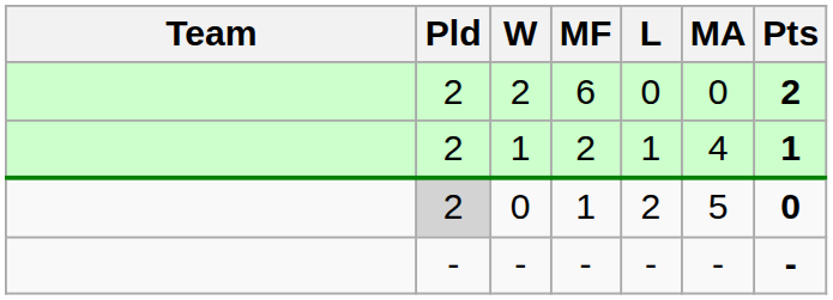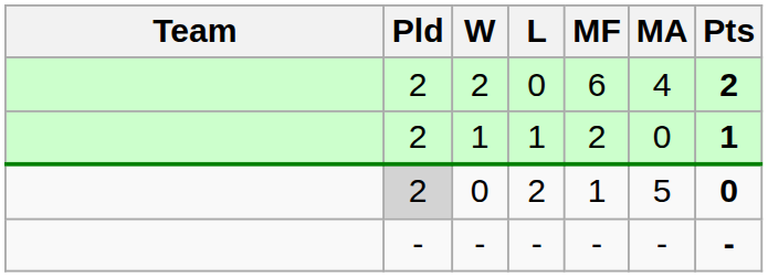 <table class=wikitable style="text-align:center">
 <tr>
 <th width=175>Team</th>
 <th width=20>Pld</th>
 <th width=20>W</th>
+<th width=20>L</th>
 <th width=20>MF</th>
-<th width=20>L</th>
 <th width=20>MA</th>
 <th width=20>Pts</th>
 </tr>
 <tr style="background:#cfc;">
 <td style="text-align:left"></td>
 <td>2</td>
 <td>2</td>
+<td>0</td>
 <td>6</td>
-<td>0</td>
-<td>0</td>
+<td>4</td>
 <td><strong>2</strong></td>
 </tr>
 <tr style="background:#cfc; border-bottom:2px solid green;">
 <td style="text-align:left"></td>
 <td>2</td>
 <td>1</td>
+<td>1</td>
 <td>2</td>
-<td>1</td>
-<td>4</td>
+<td>0</td>
 <td><strong>1</strong></td>
 </tr>
 <tr>
 <td style="text-align:left"></td>
 <td style="background: lightgrey;">2</td>
 <td>0</td>
+<td>2</td>
 <td>1</td>
-<td>2</td>
 <td>5</td>
 <td><strong>0</strong></td>
 </tr>
 <tr>
 <td style="text-align:left"></td>
 <td>-</td>
 <td>-</td>
 <td>-</td>
 <td>-</td>
 <td>-</td>
 <td><strong>-</strong></td>
 </tr>
 </table>
